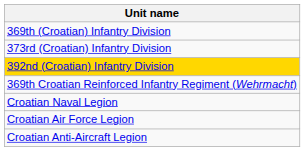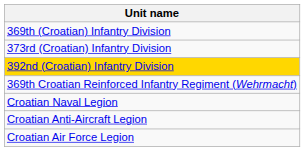 <table class="wikitable">
 <tr>
 <th>Unit name</th>
 </tr>
 <tr>
 <td> <a href='#'>369th (Croatian) Infantry Division</a></td>
 </tr>
 <tr>
 <td> <a href='#'>373rd (Croatian) Infantry Division</a></td>
 </tr>
 <tr>
 <td style="background: gold;"> <a href='#'>392nd (Croatian) Infantry Division</a></td>
 </tr>
 <tr>
 <td> <a href='#'>369th Croatian Reinforced Infantry Regiment (<em>Wehrmacht</em>)</a></td>
 </tr>
 <tr>
 <td><a href='#'>Croatian Naval Legion</a></td>
 </tr>
 <tr>
+<td> <a href='#'>Croatian Anti-Aircraft Legion</a></td>
+</tr>
+<tr>
 <td> <a href='#'>Croatian Air Force Legion</a></td>
 </tr>
-<tr>
-<td> <a href='#'>Croatian Anti-Aircraft Legion</a></td>
-</tr>
 </table>
